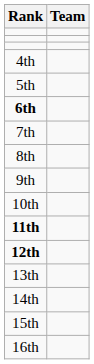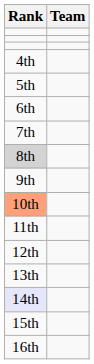 <table class=wikitable style="text-align:center;">
 <tr>
 <th>Rank</th>
 <th>Team</th>
 </tr>
 <tr>
 <td></td>
 <td style="text-align:left"></td>
 </tr>
 <tr>
 <td></td>
 <td style="text-align:left"></td>
 </tr>
 <tr>
 <td></td>
 <td style="text-align:left"></td>
 </tr>
 <tr>
 <td>4th</td>
 <td style="text-align:left"></td>
 </tr>
 <tr>
 <td>5th</td>
 <td style="text-align:left"></td>
 </tr>
 <tr>
-<td><strong>6th</strong></td>
+<td>6th</td>
 <td style="text-align:left"></td>
 </tr>
 <tr>
 <td>7th</td>
 <td style="text-align:left"></td>
 </tr>
 <tr>
-<td>8th</td>
+<td style="background: lightgrey;">8th</td>
 <td style="text-align:left"></td>
 </tr>
 <tr>
 <td>9th</td>
 <td style="text-align:left"></td>
 </tr>
 <tr>
-<td>10th</td>
+<td style="background: lightsalmon;">10th</td>
 <td style="text-align:left"></td>
 </tr>
 <tr>
-<td><strong>11th</strong></td>
+<td>11th</td>
 <td style="text-align:left"></td>
 </tr>
 <tr>
-<td><strong>12th</strong></td>
+<td>12th</td>
 <td style="text-align:left"></td>
 </tr>
 <tr>
 <td>13th</td>
 <td style="text-align:left"></td>
 </tr>
 <tr>
-<td>14th</td>
+<td style="background: lavender;">14th</td>
 <td style="text-align:left"></td>
 </tr>
 <tr>
 <td>15th</td>
 <td style="text-align:left"></td>
 </tr>
 <tr>
 <td>16th</td>
 <td style="text-align:left"></td>
 </tr>
 </table>
